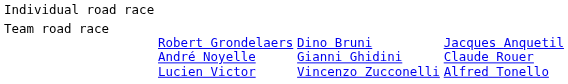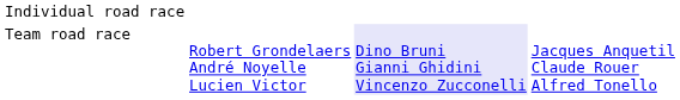 <table>
 <tr>
 <td>Individual road race<br></td>
 <td></td>
 <td></td>
 <td></td>
 </tr>
 <tr valign="top">
 <td>Team road race<br></td>
 <td><br><a href='#'>Robert Grondelaers</a><br><a href='#'>André Noyelle</a><br><a href='#'>Lucien Victor</a></td>
-<td><br><a href='#'>Dino Bruni</a><br><a href='#'>Gianni Ghidini</a><br><a href='#'>Vincenzo Zucconelli</a></td>
+<td style="background: lavender;"><br><a href='#'>Dino Bruni</a><br><a href='#'>Gianni Ghidini</a><br><a href='#'>Vincenzo Zucconelli</a></td>
 <td><br><a href='#'>Jacques Anquetil</a><br><a href='#'>Claude Rouer</a><br><a href='#'>Alfred Tonello</a></td>
 </tr>
 </table>
